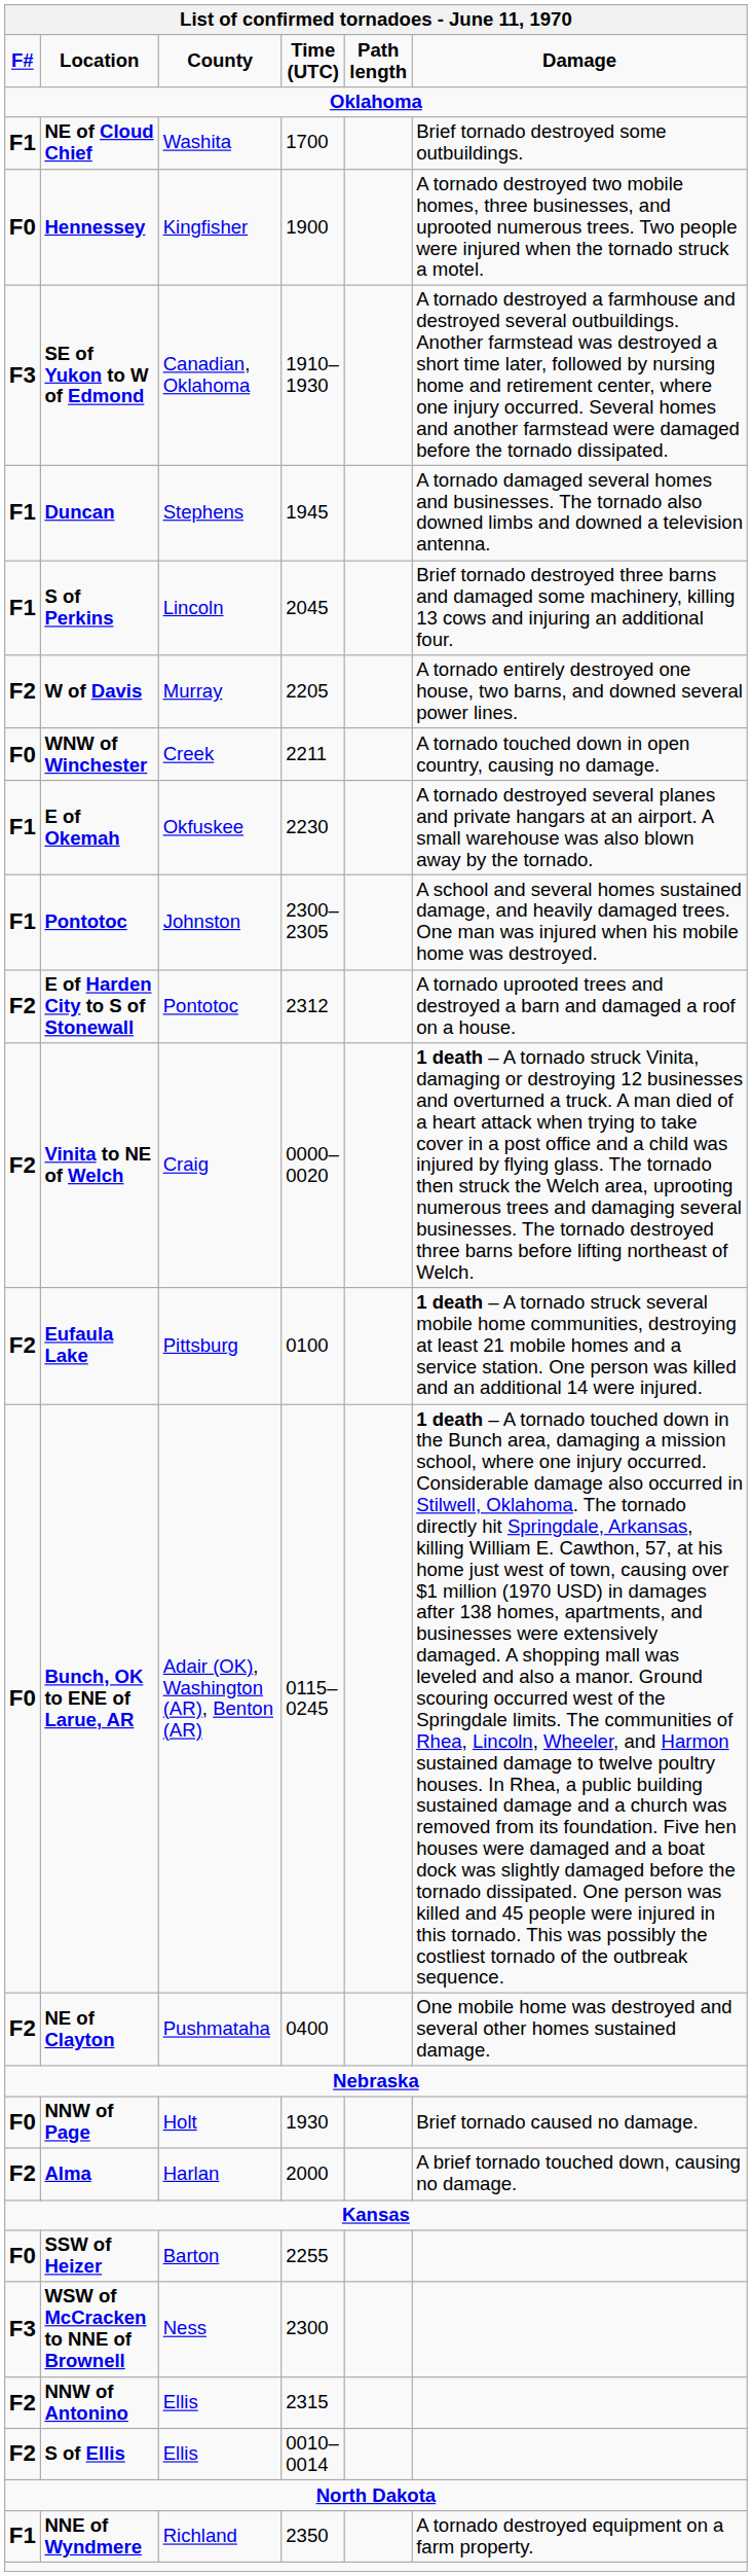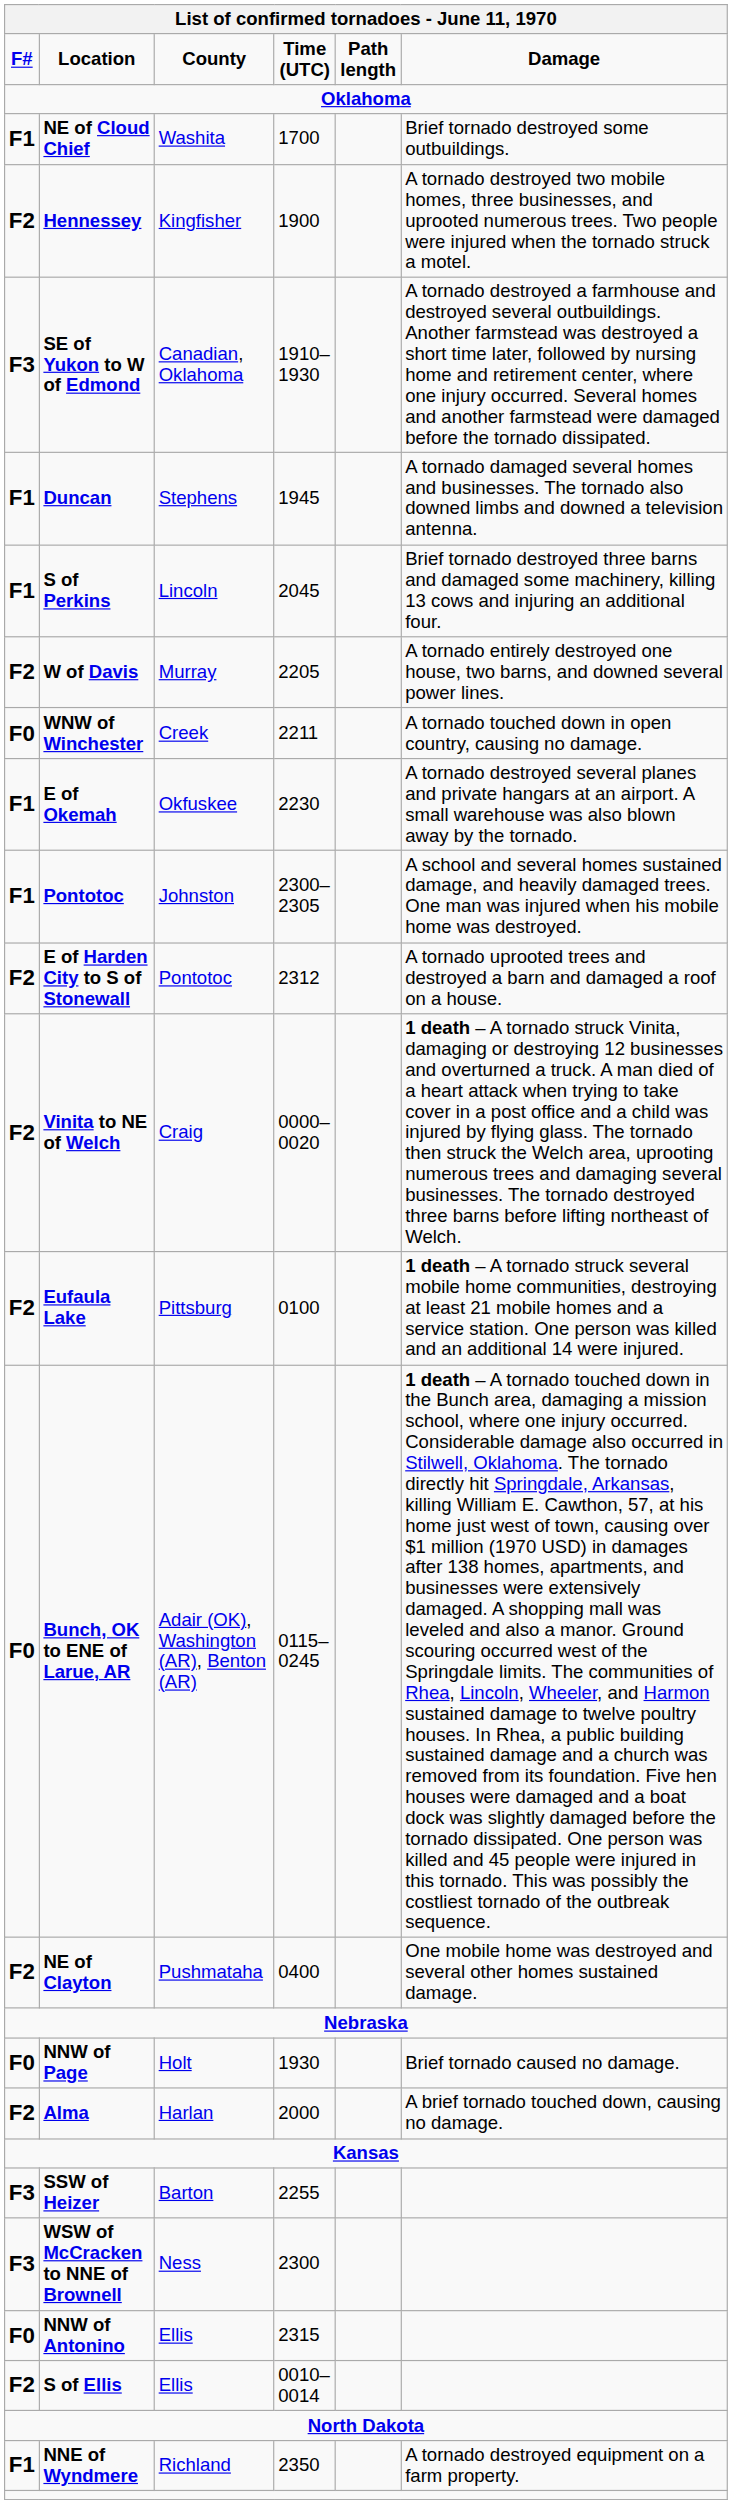 <table class="wikitable toccolours collapsible" width="100%">
 <tr>
 <th colspan="6">List of confirmed tornadoes - June 11, 1970</th>
 </tr>
 <tr style="text-align:center;">
 <td><strong><a href='#'>F#</a></strong></td>
 <td><strong>Location</strong></td>
 <td><strong>County</strong></td>
 <td><strong>Time (UTC)</strong></td>
 <td><strong>Path length</strong></td>
 <td><strong>Damage</strong></td>
 </tr>
 <tr>
 <td colspan="7" style="text-align:center;"><strong><a href='#'>Oklahoma</a></strong></td>
 </tr>
 <tr>
 <td><big><strong>F1</strong></big></td>
 <td><strong>NE of <a href='#'>Cloud Chief</a></strong></td>
 <td><a href='#'>Washita</a></td>
 <td>1700</td>
 <td></td>
 <td>Brief tornado destroyed some outbuildings.</td>
 </tr>
 <tr>
-<td><big><strong>F0</strong></big></td>
+<td><big><strong>F2</strong></big></td>
 <td><strong><a href='#'>Hennessey</a></strong></td>
 <td><a href='#'>Kingfisher</a></td>
 <td>1900</td>
 <td></td>
 <td>A tornado destroyed two mobile homes, three businesses, and uprooted numerous trees. Two people were injured when the tornado struck a motel.</td>
 </tr>
 <tr>
 <td><big><strong>F3</strong></big></td>
 <td><strong>SE of <a href='#'>Yukon</a> to W of <a href='#'>Edmond</a></strong></td>
 <td><a href='#'>Canadian</a>, <a href='#'>Oklahoma</a></td>
 <td>1910–1930</td>
 <td></td>
 <td>A tornado destroyed a farmhouse and destroyed several outbuildings. Another farmstead was destroyed a short time later, followed by nursing home and retirement center, where one injury occurred. Several homes and another farmstead were damaged before the tornado dissipated.</td>
 </tr>
 <tr>
 <td><big><strong>F1</strong></big></td>
 <td><strong><a href='#'>Duncan</a></strong></td>
 <td><a href='#'>Stephens</a></td>
 <td>1945</td>
 <td></td>
 <td>A tornado damaged several homes and businesses. The tornado also downed limbs and downed a television antenna.</td>
 </tr>
 <tr>
 <td><big><strong>F1</strong></big></td>
 <td><strong>S of <a href='#'>Perkins</a></strong></td>
 <td><a href='#'>Lincoln</a></td>
 <td>2045</td>
 <td></td>
 <td>Brief tornado destroyed three barns and damaged some machinery, killing 13 cows and injuring an additional four.</td>
 </tr>
 <tr>
 <td><big><strong>F2</strong></big></td>
 <td><strong>W of <a href='#'>Davis</a></strong></td>
 <td><a href='#'>Murray</a></td>
 <td>2205</td>
 <td></td>
 <td>A tornado entirely destroyed one house, two barns, and downed several power lines.</td>
 </tr>
 <tr>
 <td><big><strong>F0</strong></big></td>
 <td><strong>WNW of <a href='#'>Winchester</a></strong></td>
 <td><a href='#'>Creek</a></td>
 <td>2211</td>
 <td></td>
 <td>A tornado touched down in open country, causing no damage.</td>
 </tr>
 <tr>
 <td><big><strong>F1</strong></big></td>
 <td><strong>E of <a href='#'>Okemah</a></strong></td>
 <td><a href='#'>Okfuskee</a></td>
 <td>2230</td>
 <td></td>
 <td>A tornado destroyed several planes and private hangars at an airport. A small warehouse was also blown away by the tornado.</td>
 </tr>
 <tr>
 <td><big><strong>F1</strong></big></td>
 <td><strong><a href='#'>Pontotoc</a></strong></td>
 <td><a href='#'>Johnston</a></td>
 <td>2300–2305</td>
 <td></td>
 <td>A school and several homes sustained damage, and heavily damaged trees. One man was injured when his mobile home was destroyed.</td>
 </tr>
 <tr>
 <td><big><strong>F2</strong></big></td>
 <td><strong>E of <a href='#'>Harden City</a> to S of <a href='#'>Stonewall</a></strong></td>
 <td><a href='#'>Pontotoc</a></td>
 <td>2312</td>
 <td></td>
 <td>A tornado uprooted trees and destroyed a barn and damaged a roof on a house.</td>
 </tr>
 <tr>
 <td><big><strong>F2</strong></big></td>
 <td><strong><a href='#'>Vinita</a> to NE of <a href='#'>Welch</a></strong></td>
 <td><a href='#'>Craig</a></td>
 <td>0000–0020</td>
 <td></td>
 <td><strong>1 death</strong> – A tornado struck Vinita, damaging or destroying 12 businesses and overturned a truck. A man died of a heart attack when trying to take cover in a post office and a child was injured by flying glass. The tornado then struck the Welch area, uprooting numerous trees and damaging several businesses. The tornado destroyed three barns before lifting northeast of Welch.</td>
 </tr>
 <tr>
 <td><big><strong>F2</strong></big></td>
 <td><strong><a href='#'>Eufaula Lake</a></strong></td>
 <td><a href='#'>Pittsburg</a></td>
 <td>0100</td>
 <td></td>
 <td><strong>1 death</strong> – A tornado struck several mobile home communities, destroying at least 21 mobile homes and a service station. One person was killed and an additional 14 were injured.</td>
 </tr>
 <tr>
 <td><big><strong>F0</strong></big></td>
 <td><strong><a href='#'>Bunch, OK</a> to ENE of <a href='#'>Larue, AR</a></strong></td>
 <td><a href='#'>Adair (OK)</a>, <a href='#'>Washington (AR)</a>, <a href='#'>Benton (AR)</a></td>
 <td>0115–0245</td>
 <td></td>
 <td><strong>1 death</strong> – A tornado touched down in the Bunch area, damaging a mission school, where one injury occurred. Considerable damage also occurred in <a href='#'>Stilwell, Oklahoma</a>. The tornado directly hit <a href='#'>Springdale, Arkansas</a>, killing William E. Cawthon, 57, at his home just west of town, causing over $1 million (1970 USD) in damages after 138 homes, apartments, and businesses were extensively damaged. A shopping mall was leveled and also a manor. Ground scouring occurred west of the Springdale limits. The communities of <a href='#'>Rhea</a>, <a href='#'>Lincoln</a>, <a href='#'>Wheeler</a>, and <a href='#'>Harmon</a> sustained damage to twelve poultry houses. In Rhea, a public building sustained damage and a church was removed from its foundation. Five hen houses were damaged and a boat dock was slightly damaged before the tornado dissipated. One person was killed and 45 people were injured in this tornado. This was possibly the costliest tornado of the outbreak sequence.</td>
 </tr>
 <tr>
 <td><big><strong>F2</strong></big></td>
 <td><strong>NE of <a href='#'>Clayton</a></strong></td>
 <td><a href='#'>Pushmataha</a></td>
 <td>0400</td>
 <td></td>
 <td>One mobile home was destroyed and several other homes sustained damage.</td>
 </tr>
 <tr>
 <td colspan="7" align="center"><strong><a href='#'>Nebraska</a></strong></td>
 </tr>
 <tr>
 <td><big><strong>F0</strong></big></td>
 <td><strong>NNW of <a href='#'>Page</a></strong></td>
 <td><a href='#'>Holt</a></td>
 <td>1930</td>
 <td></td>
 <td>Brief tornado caused no damage.</td>
 </tr>
 <tr>
 <td><big><strong>F2</strong></big></td>
 <td><strong><a href='#'>Alma</a></strong></td>
 <td><a href='#'>Harlan</a></td>
 <td>2000</td>
 <td></td>
 <td>A brief tornado touched down, causing no damage.</td>
 </tr>
 <tr>
 <td colspan="7" align="center"><strong><a href='#'>Kansas</a></strong></td>
 </tr>
 <tr>
-<td><big><strong>F0</strong></big></td>
+<td><big><strong>F3</strong></big></td>
 <td><strong>SSW of <a href='#'>Heizer</a></strong></td>
 <td><a href='#'>Barton</a></td>
 <td>2255</td>
 <td></td>
 <td></td>
 </tr>
 <tr>
 <td><big><strong>F3</strong></big></td>
 <td><strong>WSW of <a href='#'>McCracken</a> to NNE of <a href='#'>Brownell</a></strong></td>
 <td><a href='#'>Ness</a></td>
 <td>2300</td>
 <td></td>
 <td></td>
 </tr>
 <tr>
-<td><big><strong>F2</strong></big></td>
+<td><big><strong>F0</strong></big></td>
 <td><strong>NNW of <a href='#'>Antonino</a></strong></td>
 <td><a href='#'>Ellis</a></td>
 <td>2315</td>
 <td></td>
 <td></td>
 </tr>
 <tr>
 <td><big><strong>F2</strong></big></td>
 <td><strong>S of <a href='#'>Ellis</a></strong></td>
 <td><a href='#'>Ellis</a></td>
 <td>0010–0014</td>
 <td></td>
 <td></td>
 </tr>
 <tr>
 <td colspan="7" align="center"><strong><a href='#'>North Dakota</a></strong></td>
 </tr>
 <tr>
 <td><big><strong>F1</strong></big></td>
 <td><strong>NNE of <a href='#'>Wyndmere</a></strong></td>
 <td><a href='#'>Richland</a></td>
 <td>2350</td>
 <td></td>
 <td>A tornado destroyed equipment on a farm property.</td>
 </tr>
 <tr>
 <td colspan="7" align="center"><small></small></td>
 </tr>
 <tr>
 </tr>
 </table>
